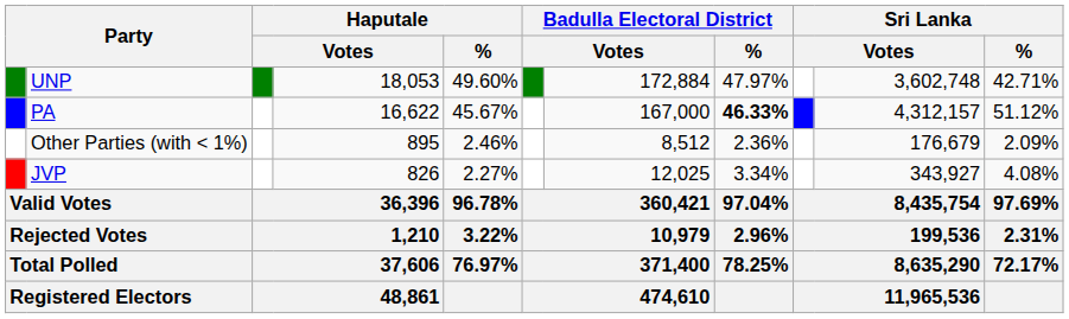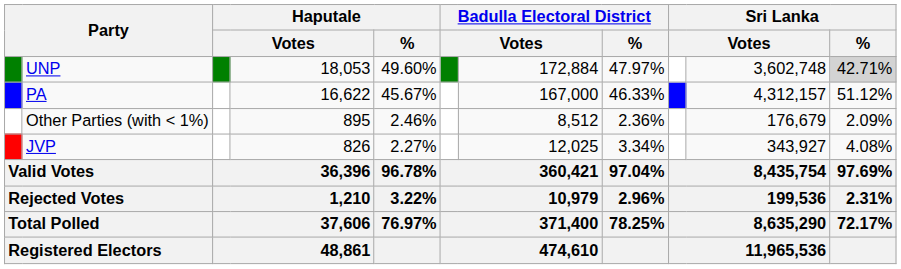 <table class="wikitable">
 <tr>
 <th colspan="2" width="144px"rowspan="2">Party</th>
 <th colspan="3" width="216px">Haputale</th>
 <th colspan="3" width="216px"><a href='#'>Badulla Electoral District</a></th>
 <th colspan="3" width="216px">Sri Lanka</th>
 </tr>
 <tr>
 <th colspan="2" width="144px">Votes</th>
 <th>%</th>
 <th colspan="2" width="144px">Votes</th>
 <th>%</th>
 <th colspan="2" width="144px">Votes</th>
 <th>%</th>
 </tr>
 <tr>
 <td style="background-color:green;" width="10px"></td>
 <td style="text-align:left;"><a href='#'>UNP</a></td>
 <td style="background-color:green;" width="10px"></td>
 <td style="text-align:right;">18,053</td>
 <td style="text-align:right;">49.60%</td>
 <td style="background-color:green;" width="10px"></td>
 <td style="text-align:right;">172,884</td>
 <td style="text-align:right;">47.97%</td>
 <td style="background-color:white;" width="10px"></td>
 <td style="text-align:right;">3,602,748</td>
-<td style="text-align:right;">42.71%</td>
+<td style="background: lightgrey; text-align:right;">42.71%</td>
 </tr>
 <tr>
 <td style="background-color:blue;" width="10px"></td>
 <td style="text-align:left;"><a href='#'>PA</a></td>
 <td style="background-color:white;" width="10px"></td>
 <td style="text-align:right;">16,622</td>
 <td style="text-align:right;">45.67%</td>
 <td style="background-color:white;" width="10px"></td>
 <td style="text-align:right;">167,000</td>
-<td style="text-align:right;"><strong>46.33%</strong></td>
+<td style="text-align:right;">46.33%</td>
 <td style="background-color:blue;" width="10px"></td>
 <td style="text-align:right;">4,312,157</td>
 <td style="text-align:right;">51.12%</td>
 </tr>
 <tr>
 <td style="background-color:white;" width="10px"></td>
 <td style="text-align:left;">Other Parties (with < 1%)</td>
 <td style="background-color:white;" width="10px"></td>
 <td style="text-align:right;">895</td>
 <td style="text-align:right;">2.46%</td>
 <td style="background-color:white;" width="10px"></td>
 <td style="text-align:right;">8,512</td>
 <td style="text-align:right;">2.36%</td>
 <td style="background-color:white;" width="10px"></td>
 <td style="text-align:right;">176,679</td>
 <td style="text-align:right;">2.09%</td>
 </tr>
 <tr>
 <td style="background-color:red;" width="10px"></td>
 <td style="text-align:left;"><a href='#'>JVP</a></td>
 <td style="background-color:white;" width="10px"></td>
 <td style="text-align:right;">826</td>
 <td style="text-align:right;">2.27%</td>
 <td style="background-color:white;" width="10px"></td>
 <td style="text-align:right;">12,025</td>
 <td style="text-align:right;">3.34%</td>
 <td style="background-color:white;" width="10px"></td>
 <td style="text-align:right;">343,927</td>
 <td style="text-align:right;">4.08%</td>
 </tr>
 <tr>
 <th colspan="2" width="144px"style="text-align:left;">Valid Votes</th>
 <th style="text-align:right;"colspan="2" width="144px">36,396</th>
 <th style="text-align:right;">96.78%</th>
 <th style="text-align:right;"colspan="2" width="144px">360,421</th>
 <th style="text-align:right;">97.04%</th>
 <th style="text-align:right;"colspan="2" width="144px">8,435,754</th>
 <th style="text-align:right;">97.69%</th>
 </tr>
 <tr>
 <th colspan="2" width="144px"style="text-align:left;">Rejected Votes</th>
 <th style="text-align:right;"colspan="2" width="144px">1,210</th>
 <th style="text-align:right;">3.22%</th>
 <th style="text-align:right;"colspan="2" width="144px">10,979</th>
 <th style="text-align:right;">2.96%</th>
 <th style="text-align:right;"colspan="2" width="144px">199,536</th>
 <th style="text-align:right;">2.31%</th>
 </tr>
 <tr>
 <th colspan="2" width="144px"style="text-align:left;">Total Polled</th>
 <th style="text-align:right;"colspan="2" width="144px">37,606</th>
 <th style="text-align:right;">76.97%</th>
 <th style="text-align:right;"colspan="2" width="144px">371,400</th>
 <th style="text-align:right;">78.25%</th>
 <th style="text-align:right;"colspan="2" width="144px">8,635,290</th>
 <th style="text-align:right;">72.17%</th>
 </tr>
 <tr>
 <th colspan="2" width="144px"style="text-align:left;">Registered Electors</th>
 <th style="text-align:right;"colspan="2" width="144px">48,861</th>
 <th></th>
 <th style="text-align:right;"colspan="2" width="144px">474,610</th>
 <th></th>
 <th style="text-align:right;"colspan="2" width="144px">11,965,536</th>
 <th></th>
 </tr>
 </table>
